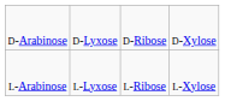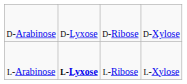 <table class="wikitable skin-invert-image">
 <tr align="center">
 <td><br><br><small>D</small>-<a href='#'>Arabinose</a></td>
 <td><br><br><small>D</small>-<a href='#'>Lyxose</a></td>
 <td><br><br><small>D</small>-<a href='#'>Ribose</a></td>
 <td><br><br><small>D</small>-<a href='#'>Xylose</a></td>
 </tr>
 <tr align="center">
 <td><br><br><small>L</small>-<a href='#'>Arabinose</a></td>
-<td><br><br><small>L</small>-<a href='#'>Lyxose</a></td>
+<td><strong><br><br><small>L</small>-<a href='#'>Lyxose</a></strong></td>
 <td><br><br><small>L</small>-<a href='#'>Ribose</a></td>
 <td><br><br><small>L</small>-<a href='#'>Xylose</a></td>
 </tr>
 </table>
